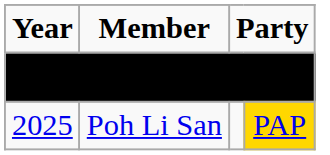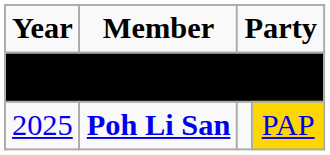 <table class="wikitable" align="center" style="text-align:center">
 <tr>
 <td><strong>Year</strong></td>
 <td><strong>Member</strong></td>
 <td colspan="2"><strong>Party</strong></td>
 </tr>
 <tr>
 <td colspan=4 bgcolor=black><span><strong>Formation</strong></span></td>
 </tr>
 <tr>
 <td><a href='#'>2025</a></td>
-<td><a href='#'>Poh Li San</a></td>
+<td><strong><a href='#'>Poh Li San</a></strong></td>
 <td></td>
 <td style="background: gold;"><a href='#'>PAP</a></td>
 </tr>
 </table>
